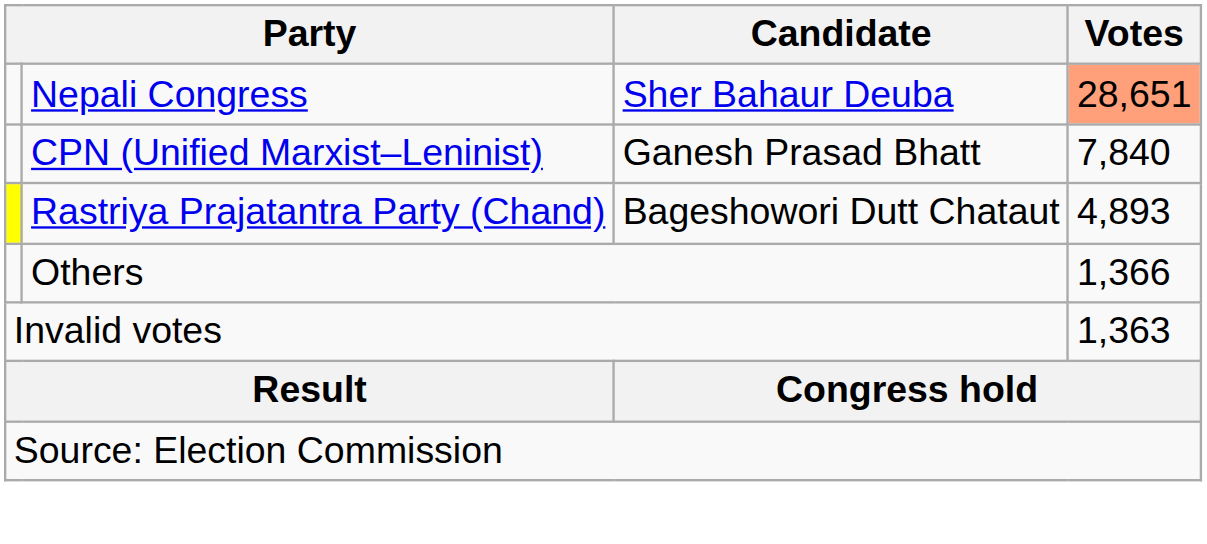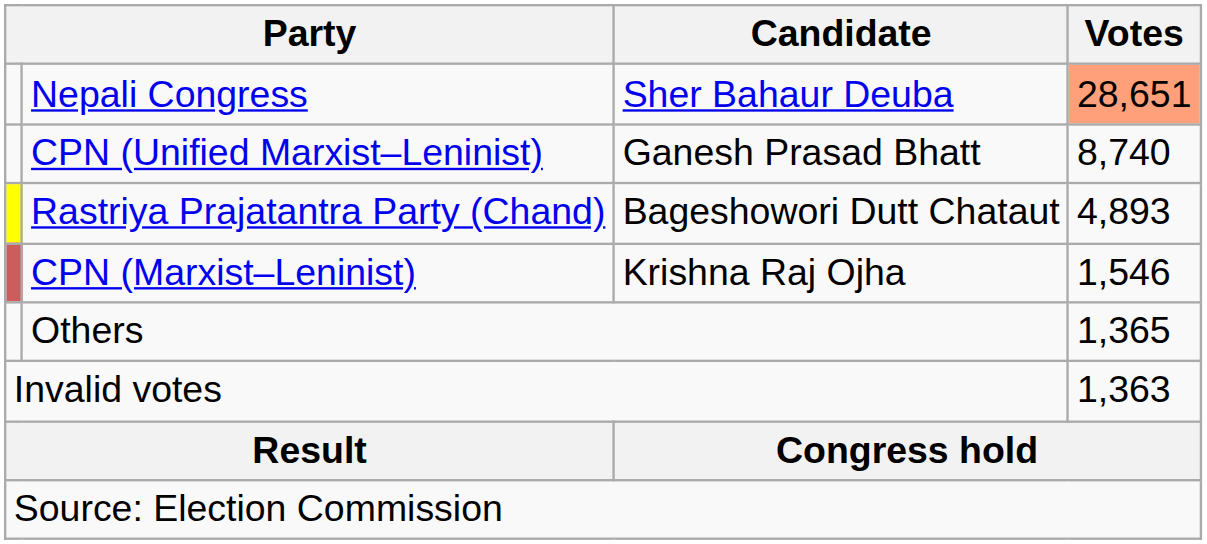 <table class="wikitable">
 <tr>
 <th colspan="2">Party</th>
 <th>Candidate</th>
 <th>Votes</th>
 </tr>
 <tr>
 <td style="background-color:"></td>
 <td><a href='#'>Nepali Congress</a></td>
 <td><a href='#'>Sher Bahaur Deuba</a></td>
 <td style="background: lightsalmon;">28,651</td>
 </tr>
 <tr>
 <td style="background-color:"></td>
 <td><a href='#'>CPN (Unified Marxist–Leninist)</a></td>
 <td>Ganesh Prasad Bhatt</td>
-<td>7,840</td>
+<td>8,740</td>
 </tr>
 <tr>
 <td style="background-color:yellow"></td>
 <td><a href='#'>Rastriya Prajatantra Party (Chand)</a></td>
 <td>Bageshowori Dutt Chataut</td>
 <td>4,893</td>
 </tr>
 <tr>
+<td style="background-color:indianred"></td>
+<td><a href='#'>CPN (Marxist–Leninist)</a></td>
+<td>Krishna Raj Ojha</td>
+<td>1,546</td>
+</tr>
+<tr>
 <td></td>
 <td colspan="2">Others</td>
-<td>1,366</td>
+<td>1,365</td>
 </tr>
 <tr>
 <td colspan="3">Invalid votes</td>
 <td>1,363</td>
 </tr>
 <tr>
 <th colspan="2">Result</th>
 <th colspan="2">Congress hold</th>
 </tr>
 <tr>
 <td colspan="4">Source: Election Commission</td>
 </tr>
 </table>
